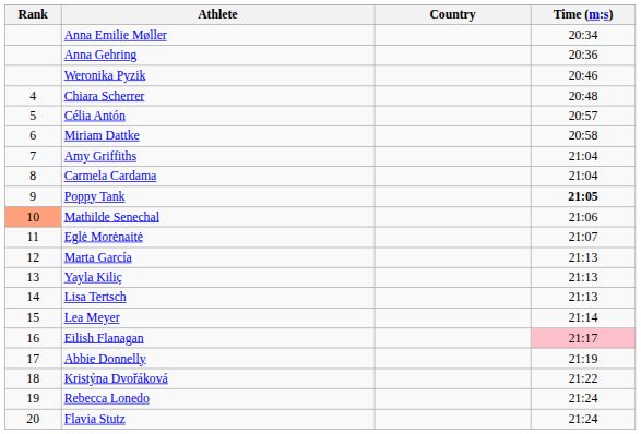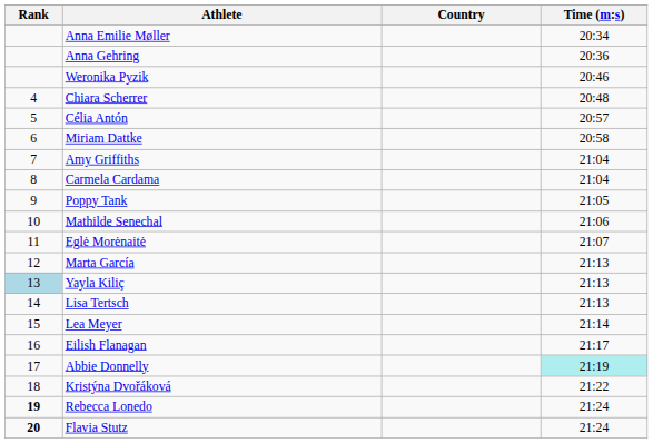 <table class="wikitable" style="text-align:center;" width="50%">
 <tr>
 </tr>
 <tr>
 <th width=5%>Rank</th>
 <th width=30%>Athlete</th>
 <th width=15%>Country</th>
 <th width=10%>Time (<a href='#'>m</a>:<a href='#'>s</a>)</th>
 </tr>
 <tr>
 <td></td>
 <td align=left><a href='#'>Anna Emilie Møller</a></td>
 <td align=left></td>
 <td>20:34</td>
 </tr>
 <tr>
 <td></td>
 <td align=left><a href='#'>Anna Gehring</a></td>
 <td align=left></td>
 <td>20:36</td>
 </tr>
 <tr>
 <td></td>
 <td align=left><a href='#'>Weronika Pyzik</a></td>
 <td align=left></td>
 <td>20:46</td>
 </tr>
 <tr>
 <td>4</td>
 <td align=left><a href='#'>Chiara Scherrer</a></td>
 <td align=left></td>
 <td>20:48</td>
 </tr>
 <tr>
 <td>5</td>
 <td align=left><a href='#'>Célia Antón</a></td>
 <td align=left></td>
 <td>20:57</td>
 </tr>
 <tr>
 <td>6</td>
 <td align=left><a href='#'>Miriam Dattke</a></td>
 <td align=left></td>
 <td>20:58</td>
 </tr>
 <tr>
 <td>7</td>
 <td align=left><a href='#'>Amy Griffiths</a></td>
 <td align=left></td>
 <td>21:04</td>
 </tr>
 <tr>
 <td>8</td>
 <td align=left><a href='#'>Carmela Cardama</a></td>
 <td align=left></td>
 <td>21:04</td>
 </tr>
 <tr>
 <td>9</td>
 <td align=left><a href='#'>Poppy Tank</a></td>
 <td align=left></td>
-<td><strong>21:05</strong></td>
+<td>21:05</td>
 </tr>
 <tr>
-<td style="background: lightsalmon;">10</td>
+<td>10</td>
 <td align=left><a href='#'>Mathilde Senechal</a></td>
 <td align=left></td>
 <td>21:06</td>
 </tr>
 <tr>
 <td>11</td>
 <td align=left><a href='#'>Eglė Morėnaitė</a></td>
 <td align=left></td>
 <td>21:07</td>
 </tr>
 <tr>
 <td>12</td>
 <td align=left><a href='#'>Marta García</a></td>
 <td align=left></td>
 <td>21:13</td>
 </tr>
 <tr>
-<td>13</td>
+<td style="background: lightblue;">13</td>
 <td align=left><a href='#'>Yayla Kiliç</a></td>
 <td align=left></td>
 <td>21:13</td>
 </tr>
 <tr>
 <td>14</td>
 <td align=left><a href='#'>Lisa Tertsch</a></td>
 <td align=left></td>
 <td>21:13</td>
 </tr>
 <tr>
 <td>15</td>
 <td align=left><a href='#'>Lea Meyer</a></td>
 <td align=left></td>
 <td>21:14</td>
 </tr>
 <tr>
 <td>16</td>
 <td align=left><a href='#'>Eilish Flanagan</a></td>
 <td align=left></td>
-<td style="background: pink;">21:17</td>
+<td>21:17</td>
 </tr>
 <tr>
 <td>17</td>
 <td align=left><a href='#'>Abbie Donnelly</a></td>
 <td align=left></td>
-<td>21:19</td>
+<td style="background: paleturquoise;">21:19</td>
 </tr>
 <tr>
 <td>18</td>
 <td align=left><a href='#'>Kristýna Dvořáková</a></td>
 <td align=left></td>
 <td>21:22</td>
 </tr>
 <tr>
-<td>19</td>
+<td><strong>19</strong></td>
 <td align=left><a href='#'>Rebecca Lonedo</a></td>
 <td align=left></td>
 <td>21:24</td>
 </tr>
 <tr>
-<td>20</td>
+<td><strong>20</strong></td>
 <td align=left><a href='#'>Flavia Stutz</a></td>
 <td align=left></td>
 <td>21:24</td>
 </tr>
 </table>
